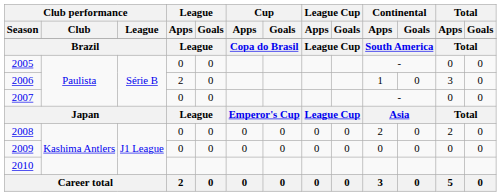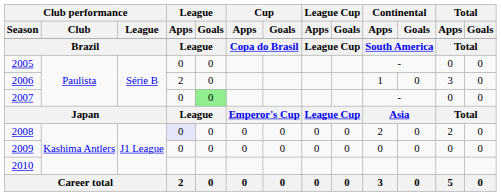 <table class="wikitable" style="text-align:center">
 <tr>
 <th colspan=3>Club performance</th>
 <th colspan=2>League</th>
 <th colspan=2>Cup</th>
 <th colspan=2>League Cup</th>
 <th colspan=2>Continental</th>
 <th colspan=2>Total</th>
 </tr>
 <tr>
 <th>Season</th>
 <th>Club</th>
 <th>League</th>
 <th>Apps</th>
 <th>Goals</th>
 <th>Apps</th>
 <th>Goals</th>
 <th>Apps</th>
 <th>Goals</th>
 <th>Apps</th>
 <th>Goals</th>
 <th>Apps</th>
 <th>Goals</th>
 </tr>
 <tr>
 </tr>
 <tr>
 <th colspan=3>Brazil</th>
 <th colspan=2>League</th>
 <th colspan=2><a href='#'>Copa do Brasil</a></th>
 <th colspan=2>League Cup</th>
 <th colspan=2><a href='#'>South America</a></th>
 <th colspan=2>Total</th>
 </tr>
 <tr>
 <td><a href='#'>2005</a></td>
 <td rowspan="3"><a href='#'>Paulista</a></td>
 <td rowspan="3"><a href='#'>Série B</a></td>
 <td>0</td>
 <td>0</td>
 <td></td>
 <td></td>
 <td></td>
 <td></td>
 <td colspan="2">-</td>
 <td>0</td>
 <td>0</td>
 </tr>
 <tr>
 <td><a href='#'>2006</a></td>
 <td>2</td>
 <td>0</td>
 <td></td>
 <td></td>
 <td></td>
 <td></td>
 <td>1</td>
 <td>0</td>
 <td>3</td>
 <td>0</td>
 </tr>
 <tr>
 <td><a href='#'>2007</a></td>
 <td>0</td>
-<td>0</td>
+<td style="background: lightgreen;">0</td>
 <td></td>
 <td></td>
 <td></td>
 <td></td>
 <td colspan="2">-</td>
 <td>0</td>
 <td>0</td>
 </tr>
 <tr>
 <th colspan=3>Japan</th>
 <th colspan=2>League</th>
 <th colspan=2><a href='#'>Emperor's Cup</a></th>
 <th colspan=2><a href='#'>League Cup</a></th>
 <th colspan=2><a href='#'>Asia</a></th>
 <th colspan=2>Total</th>
 </tr>
 <tr>
 <td><a href='#'>2008</a></td>
 <td rowspan="3"><a href='#'>Kashima Antlers</a></td>
 <td rowspan="3"><a href='#'>J1 League</a></td>
-<td>0</td>
+<td style="background: lavender;">0</td>
 <td>0</td>
 <td>0</td>
 <td>0</td>
 <td>0</td>
 <td>0</td>
 <td>2</td>
 <td>0</td>
 <td>2</td>
 <td>0</td>
 </tr>
 <tr>
 <td><a href='#'>2009</a></td>
 <td>0</td>
 <td>0</td>
 <td>0</td>
 <td>0</td>
 <td>0</td>
 <td>0</td>
 <td>0</td>
 <td>0</td>
 <td>0</td>
 <td>0</td>
 </tr>
 <tr>
 <td><a href='#'>2010</a></td>
 <td></td>
 <td></td>
 <td></td>
 <td></td>
 <td></td>
 <td></td>
 <td></td>
 <td></td>
 <td></td>
 <td></td>
 </tr>
 <tr>
 <th colspan=3>Career total</th>
 <th>2</th>
 <th>0</th>
 <th>0</th>
 <th>0</th>
 <th>0</th>
 <th>0</th>
 <th>3</th>
 <th>0</th>
 <th>5</th>
 <th>0</th>
 </tr>
 </table>
